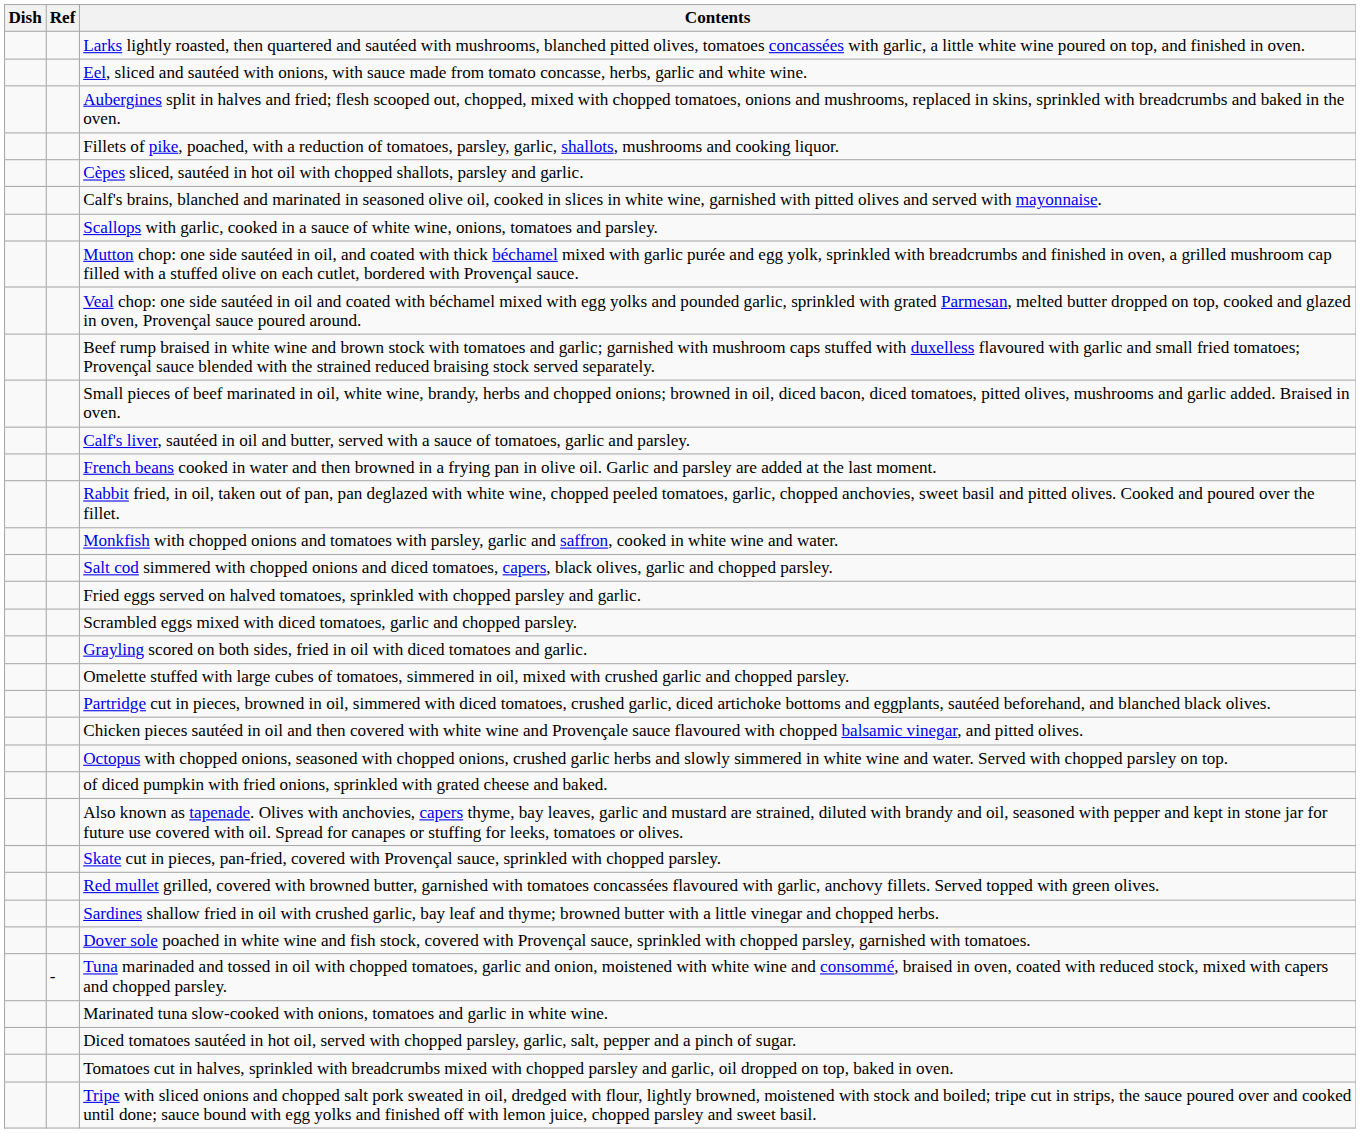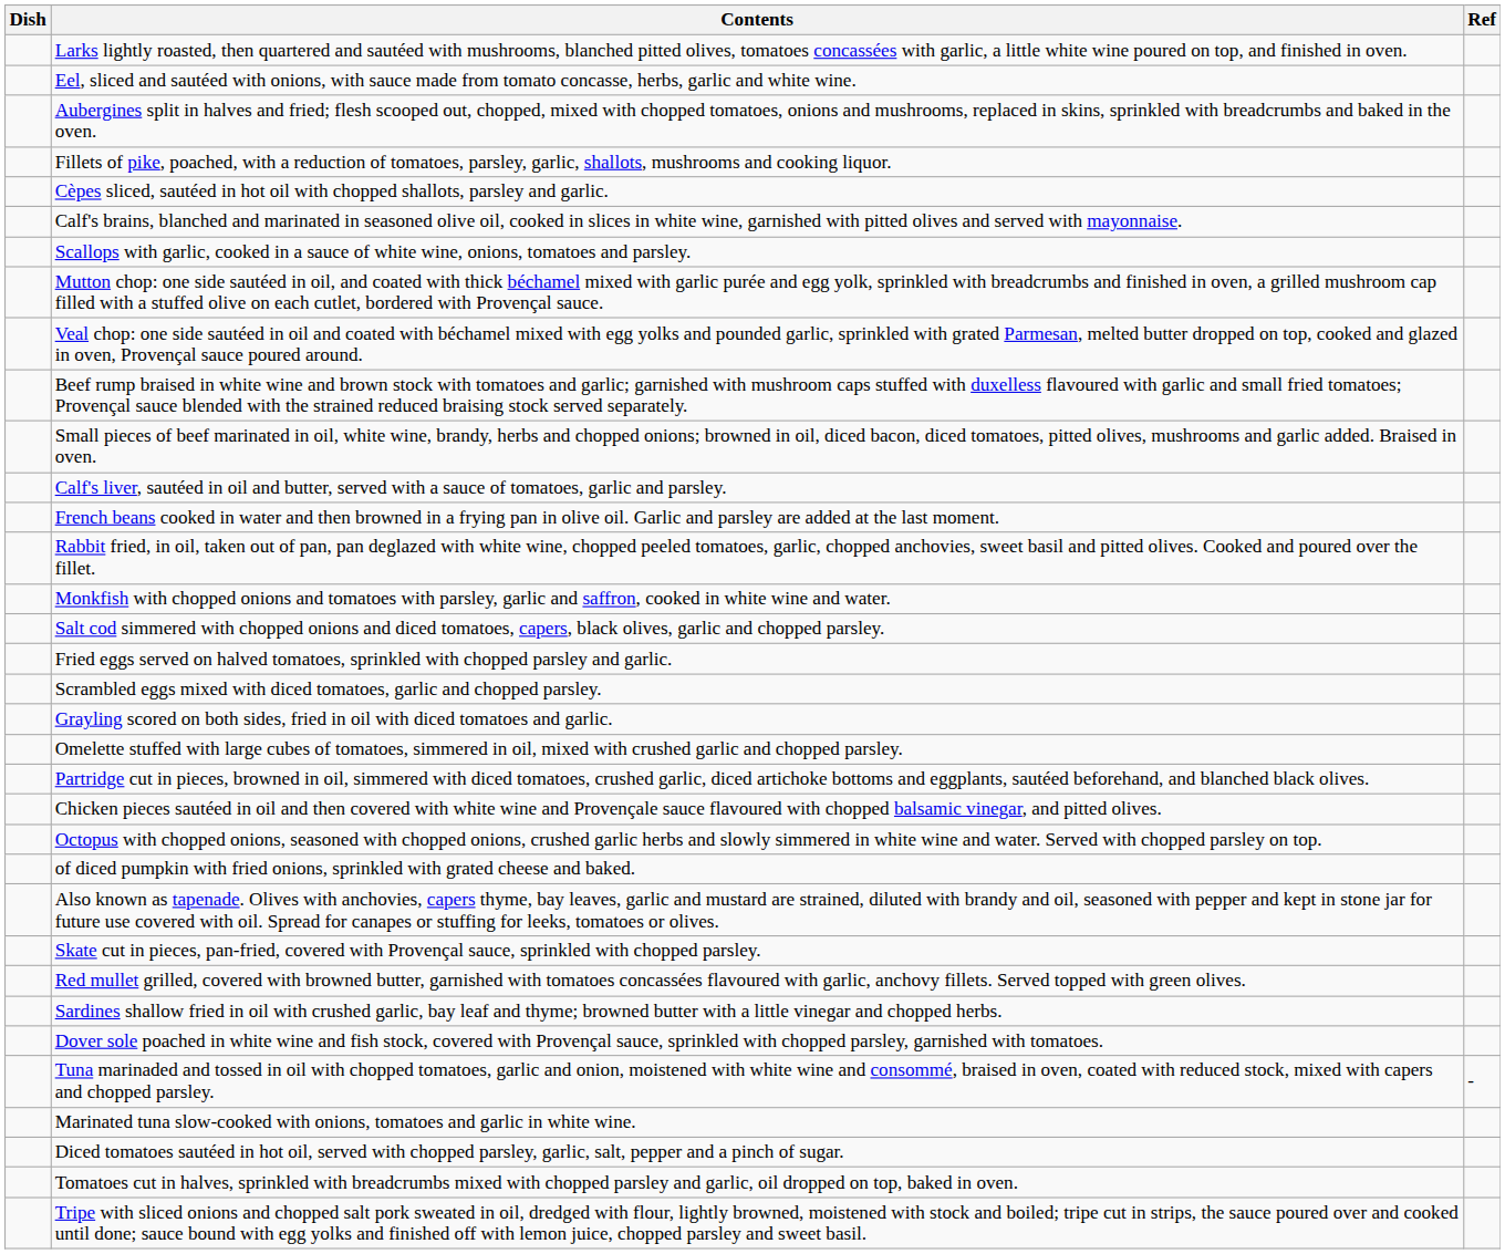 <table class="wikitable plainrowheaders" style="text-align: left; margin-right: 0;">
 <tr>
 <th scope="col" >Dish</th>
+<th scope="col">Contents</th>
 <th scope="col">Ref</th>
-<th scope="col">Contents</th>
 </tr>
 <tr>
 <td></td>
+<td><a href='#'>Larks</a> lightly roasted, then quartered and sautéed with mushrooms, blanched pitted olives, tomatoes <a href='#'>concassées</a> with garlic, a little white wine poured on top, and finished in oven.</td>
 <td></td>
-<td><a href='#'>Larks</a> lightly roasted, then quartered and sautéed with mushrooms, blanched pitted olives, tomatoes <a href='#'>concassées</a> with garlic, a little white wine poured on top, and finished in oven.</td>
 </tr>
 <tr>
 <td></td>
+<td><a href='#'>Eel</a>, sliced and sautéed with onions, with sauce made from tomato concasse, herbs, garlic and white wine.</td>
 <td></td>
-<td><a href='#'>Eel</a>, sliced and sautéed with onions, with sauce made from tomato concasse, herbs, garlic and white wine.</td>
 </tr>
 <tr>
 <td></td>
+<td><a href='#'>Aubergines</a> split in halves and fried; flesh scooped out, chopped, mixed with chopped tomatoes, onions and mushrooms, replaced in skins, sprinkled with breadcrumbs and baked in the oven.</td>
 <td></td>
-<td><a href='#'>Aubergines</a> split in halves and fried; flesh scooped out, chopped, mixed with chopped tomatoes, onions and mushrooms, replaced in skins, sprinkled with breadcrumbs and baked in the oven.</td>
 </tr>
 <tr>
 <td></td>
+<td>Fillets of <a href='#'>pike</a>, poached, with a reduction of tomatoes, parsley, garlic, <a href='#'>shallots</a>, mushrooms and cooking liquor.</td>
 <td></td>
-<td>Fillets of <a href='#'>pike</a>, poached, with a reduction of tomatoes, parsley, garlic, <a href='#'>shallots</a>, mushrooms and cooking liquor.</td>
 </tr>
 <tr>
 <td></td>
+<td><a href='#'>Cèpes</a> sliced, sautéed in hot oil with chopped shallots, parsley and garlic.</td>
 <td></td>
-<td><a href='#'>Cèpes</a> sliced, sautéed in hot oil with chopped shallots, parsley and garlic.</td>
 </tr>
 <tr>
 <td></td>
+<td>Calf's brains, blanched and marinated in seasoned olive oil, cooked in slices in white wine, garnished with pitted olives and served with <a href='#'>mayonnaise</a>.</td>
 <td></td>
-<td>Calf's brains, blanched and marinated in seasoned olive oil, cooked in slices in white wine, garnished with pitted olives and served with <a href='#'>mayonnaise</a>.</td>
 </tr>
 <tr>
 <td></td>
+<td><a href='#'>Scallops</a> with garlic, cooked in a sauce of white wine, onions, tomatoes and parsley.</td>
 <td></td>
-<td><a href='#'>Scallops</a> with garlic, cooked in a sauce of white wine, onions, tomatoes and parsley.</td>
 </tr>
 <tr>
 <td></td>
+<td><a href='#'>Mutton</a> chop: one side sautéed in oil, and coated with thick <a href='#'>béchamel</a> mixed with garlic purée and egg yolk, sprinkled with breadcrumbs and finished in oven, a grilled mushroom cap filled with a stuffed olive on each cutlet, bordered with Provençal sauce.</td>
 <td></td>
-<td><a href='#'>Mutton</a> chop: one side sautéed in oil, and coated with thick <a href='#'>béchamel</a> mixed with garlic purée and egg yolk, sprinkled with breadcrumbs and finished in oven, a grilled mushroom cap filled with a stuffed olive on each cutlet, bordered with Provençal sauce.</td>
 </tr>
 <tr>
 <td></td>
+<td><a href='#'>Veal</a> chop: one side sautéed in oil and coated with béchamel mixed with egg yolks and pounded garlic, sprinkled with grated <a href='#'>Parmesan</a>, melted butter dropped on top, cooked and glazed in oven, Provençal sauce poured around.</td>
 <td></td>
-<td><a href='#'>Veal</a> chop: one side sautéed in oil and coated with béchamel mixed with egg yolks and pounded garlic, sprinkled with grated <a href='#'>Parmesan</a>, melted butter dropped on top, cooked and glazed in oven, Provençal sauce poured around.</td>
 </tr>
 <tr>
 <td></td>
+<td>Beef rump braised in white wine and brown stock with tomatoes and garlic; garnished with mushroom caps stuffed with <a href='#'>duxelless</a> flavoured with garlic and small fried tomatoes; Provençal sauce blended with the strained reduced braising stock served separately.</td>
 <td></td>
-<td>Beef rump braised in white wine and brown stock with tomatoes and garlic; garnished with mushroom caps stuffed with <a href='#'>duxelless</a> flavoured with garlic and small fried tomatoes; Provençal sauce blended with the strained reduced braising stock served separately.</td>
 </tr>
 <tr>
 <td></td>
+<td>Small pieces of beef marinated in oil, white wine, brandy, herbs and chopped onions; browned in oil, diced bacon, diced tomatoes, pitted olives, mushrooms and garlic added. Braised in oven.</td>
 <td></td>
-<td>Small pieces of beef marinated in oil, white wine, brandy, herbs and chopped onions; browned in oil, diced bacon, diced tomatoes, pitted olives, mushrooms and garlic added. Braised in oven.</td>
 </tr>
 <tr>
 <td></td>
+<td><a href='#'>Calf's liver</a>, sautéed in oil and butter, served with a sauce of tomatoes, garlic and parsley.</td>
 <td></td>
-<td><a href='#'>Calf's liver</a>, sautéed in oil and butter, served with a sauce of tomatoes, garlic and parsley.</td>
 </tr>
 <tr>
 <td></td>
+<td><a href='#'>French beans</a> cooked in water and then browned in a frying pan in olive oil. Garlic and parsley are added at the last moment.</td>
 <td></td>
-<td><a href='#'>French beans</a> cooked in water and then browned in a frying pan in olive oil. Garlic and parsley are added at the last moment.</td>
 </tr>
 <tr>
 <td></td>
+<td><a href='#'>Rabbit</a> fried, in oil, taken out of pan, pan deglazed with white wine, chopped peeled tomatoes, garlic, chopped anchovies, sweet basil and pitted olives. Cooked and poured over the fillet.</td>
 <td></td>
-<td><a href='#'>Rabbit</a> fried, in oil, taken out of pan, pan deglazed with white wine, chopped peeled tomatoes, garlic, chopped anchovies, sweet basil and pitted olives. Cooked and poured over the fillet.</td>
 </tr>
 <tr>
 <td></td>
+<td><a href='#'>Monkfish</a> with chopped onions and tomatoes with parsley, garlic and <a href='#'>saffron</a>, cooked in white wine and water.</td>
 <td></td>
-<td><a href='#'>Monkfish</a> with chopped onions and tomatoes with parsley, garlic and <a href='#'>saffron</a>, cooked in white wine and water.</td>
 </tr>
 <tr>
 <td></td>
+<td><a href='#'>Salt cod</a> simmered with chopped onions and diced tomatoes,  <a href='#'>capers</a>, black olives, garlic and chopped parsley.</td>
 <td></td>
-<td><a href='#'>Salt cod</a> simmered with chopped onions and diced tomatoes,  <a href='#'>capers</a>, black olives, garlic and chopped parsley.</td>
 </tr>
 <tr>
 <td></td>
+<td>Fried eggs served on halved tomatoes, sprinkled with chopped parsley and garlic.</td>
 <td></td>
-<td>Fried eggs served on halved tomatoes, sprinkled with chopped parsley and garlic.</td>
 </tr>
 <tr>
 <td></td>
+<td>Scrambled eggs mixed with diced tomatoes, garlic and chopped parsley.</td>
 <td></td>
-<td>Scrambled eggs mixed with diced tomatoes, garlic and chopped parsley.</td>
 </tr>
 <tr>
 <td></td>
+<td><a href='#'>Grayling</a> scored on both sides, fried in oil with diced tomatoes and garlic.</td>
 <td></td>
-<td><a href='#'>Grayling</a> scored on both sides, fried in oil with diced tomatoes and garlic.</td>
 </tr>
 <tr>
 <td></td>
+<td>Omelette stuffed with large cubes of tomatoes, simmered in oil, mixed with crushed garlic and chopped parsley.</td>
 <td></td>
-<td>Omelette stuffed with large cubes of tomatoes, simmered in oil, mixed with crushed garlic and chopped parsley.</td>
 </tr>
 <tr>
 <td></td>
+<td><a href='#'>Partridge</a> cut in pieces, browned in oil, simmered with diced tomatoes, crushed garlic, diced artichoke bottoms and eggplants, sautéed beforehand, and blanched black olives.</td>
 <td></td>
-<td><a href='#'>Partridge</a> cut in pieces, browned in oil, simmered with diced tomatoes, crushed garlic, diced artichoke bottoms and eggplants, sautéed beforehand, and blanched black olives.</td>
 </tr>
 <tr>
 <td></td>
+<td>Chicken pieces sautéed in oil and then covered with white wine and Provençale sauce flavoured with chopped <a href='#'>balsamic vinegar</a>, and pitted olives.</td>
 <td></td>
-<td>Chicken pieces sautéed in oil and then covered with white wine and Provençale sauce flavoured with chopped <a href='#'>balsamic vinegar</a>, and pitted olives.</td>
 </tr>
 <tr>
 <td></td>
+<td><a href='#'>Octopus</a> with chopped onions, seasoned with chopped onions, crushed garlic herbs and slowly simmered in white wine and water. Served with chopped parsley on top.</td>
 <td></td>
-<td><a href='#'>Octopus</a> with chopped onions, seasoned with chopped onions, crushed garlic herbs and slowly simmered in white wine and water. Served with chopped parsley on top.</td>
 </tr>
 <tr>
 <td></td>
+<td> of diced pumpkin with fried onions, sprinkled with grated cheese and baked.</td>
 <td></td>
-<td> of diced pumpkin with fried onions, sprinkled with grated cheese and baked.</td>
 </tr>
 <tr>
 <td></td>
+<td>Also known as <a href='#'>tapenade</a>. Olives with anchovies, <a href='#'>capers</a> thyme, bay leaves, garlic and mustard are strained, diluted with brandy and oil, seasoned with pepper and kept in stone jar for future use covered with oil. Spread for canapes or stuffing for leeks, tomatoes or olives.</td>
 <td></td>
-<td>Also known as <a href='#'>tapenade</a>. Olives with anchovies, <a href='#'>capers</a> thyme, bay leaves, garlic and mustard are strained, diluted with brandy and oil, seasoned with pepper and kept in stone jar for future use covered with oil. Spread for canapes or stuffing for leeks, tomatoes or olives.</td>
 </tr>
 <tr>
 <td></td>
+<td><a href='#'>Skate</a> cut in pieces, pan-fried, covered with Provençal sauce, sprinkled with chopped parsley.</td>
 <td></td>
-<td><a href='#'>Skate</a> cut in pieces, pan-fried, covered with Provençal sauce, sprinkled with chopped parsley.</td>
 </tr>
 <tr>
 <td></td>
+<td><a href='#'>Red mullet</a> grilled, covered with browned butter, garnished with tomatoes concassées flavoured with garlic, anchovy fillets. Served topped with green olives.</td>
 <td></td>
-<td><a href='#'>Red mullet</a> grilled, covered with browned butter, garnished with tomatoes concassées flavoured with garlic, anchovy fillets. Served topped with green olives.</td>
 </tr>
 <tr>
 <td></td>
+<td><a href='#'>Sardines</a> shallow fried in oil with crushed garlic, bay leaf and thyme; browned butter with a little vinegar and chopped herbs.</td>
 <td></td>
-<td><a href='#'>Sardines</a> shallow fried in oil with crushed garlic, bay leaf and thyme; browned butter with a little vinegar and chopped herbs.</td>
 </tr>
 <tr>
 <td></td>
+<td><a href='#'>Dover sole</a> poached in white wine and fish stock, covered with Provençal sauce, sprinkled with chopped parsley, garnished with tomatoes.</td>
 <td></td>
-<td><a href='#'>Dover sole</a> poached in white wine and fish stock, covered with Provençal sauce, sprinkled with chopped parsley, garnished with tomatoes.</td>
 </tr>
 <tr>
 <td></td>
+<td><a href='#'>Tuna</a> marinaded and tossed in oil with chopped tomatoes, garlic and onion, moistened with white wine and <a href='#'>consommé</a>, braised in oven, coated with reduced stock, mixed with capers and chopped parsley.</td>
 <td>-</td>
-<td><a href='#'>Tuna</a> marinaded and tossed in oil with chopped tomatoes, garlic and onion, moistened with white wine and <a href='#'>consommé</a>, braised in oven, coated with reduced stock, mixed with capers and chopped parsley.</td>
 </tr>
 <tr>
 <td></td>
+<td>Marinated tuna slow-cooked with onions, tomatoes and garlic in white wine.</td>
 <td></td>
-<td>Marinated tuna slow-cooked with onions, tomatoes and garlic in white wine.</td>
 </tr>
 <tr>
 <td></td>
+<td>Diced tomatoes sautéed in hot oil, served with chopped parsley, garlic, salt, pepper and a pinch of sugar.</td>
 <td></td>
-<td>Diced tomatoes sautéed in hot oil, served with chopped parsley, garlic, salt, pepper and a pinch of sugar.</td>
 </tr>
 <tr>
 <td></td>
+<td>Tomatoes cut in halves, sprinkled with breadcrumbs mixed with chopped parsley and garlic, oil dropped on top, baked in oven.</td>
 <td></td>
-<td>Tomatoes cut in halves, sprinkled with breadcrumbs mixed with chopped parsley and garlic, oil dropped on top, baked in oven.</td>
 </tr>
 <tr>
 <td></td>
+<td><a href='#'>Tripe</a> with sliced onions and chopped salt pork sweated in oil, dredged with flour, lightly browned, moistened with stock and boiled; tripe cut in strips, the sauce poured over and cooked until done; sauce bound with egg yolks and finished off with lemon juice, chopped parsley and sweet basil.</td>
 <td></td>
-<td><a href='#'>Tripe</a> with sliced onions and chopped salt pork sweated in oil, dredged with flour, lightly browned, moistened with stock and boiled; tripe cut in strips, the sauce poured over and cooked until done; sauce bound with egg yolks and finished off with lemon juice, chopped parsley and sweet basil.</td>
 </tr>
 </table>
